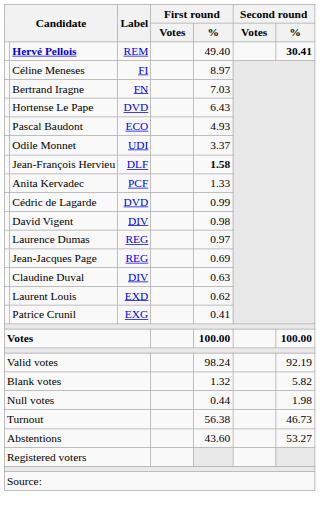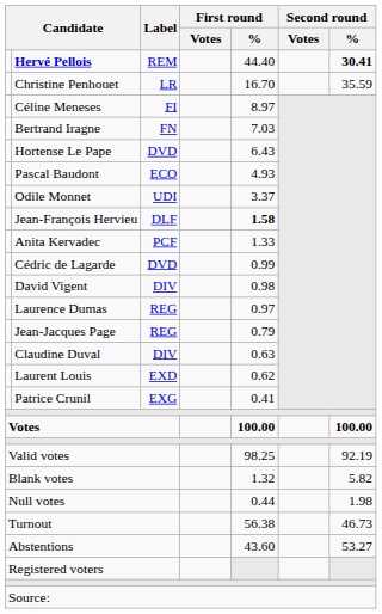 <table class="wikitable" style="text-align:right;font-size:95%;">
 <tr>
 <th rowspan="2" colspan="2">Candidate</th>
 <th rowspan="2">Label</th>
 <th colspan="2">First round</th>
 <th colspan="2">Second round</th>
 </tr>
 <tr>
 <th style="width:50px;">Votes</th>
 <th style="width:45px;">%</th>
 <th style="width:50px;">Votes</th>
 <th style="width:45px;">%</th>
 </tr>
 <tr>
 <td style="color:inherit;background:"></td>
 <td style="text-align:left;"><strong><a href='#'>Hervé Pellois</a></strong></td>
 <td><a href='#'>REM</a></td>
 <td></td>
-<td>49.40</td>
+<td>44.40</td>
 <td><strong></strong></td>
 <td><strong>30.41</strong></td>
+</tr>
+<tr>
+<td style="color:inherit;background:"></td>
+<td style="text-align:left;">Christine Penhouet</td>
+<td><a href='#'>LR</a></td>
+<td></td>
+<td>16.70</td>
+<td></td>
+<td>35.59</td>
 </tr>
 <tr>
 <td style="color:inherit;background:"></td>
 <td style="text-align:left;">Céline Meneses</td>
 <td><a href='#'>FI</a></td>
 <td></td>
 <td>8.97</td>
 <td colspan="2" rowspan="14" style="background:#E9E9E9;"></td>
 </tr>
 <tr>
 <td style="color:inherit;background:"></td>
 <td style="text-align:left;">Bertrand Iragne</td>
 <td><a href='#'>FN</a></td>
 <td></td>
 <td>7.03</td>
 </tr>
 <tr>
 <td style="color:inherit;background:"></td>
 <td style="text-align:left;">Hortense Le Pape</td>
 <td><a href='#'>DVD</a></td>
 <td></td>
 <td>6.43</td>
 </tr>
 <tr>
 <td style="color:inherit;background:"></td>
 <td style="text-align:left;">Pascal Baudont</td>
 <td><a href='#'>ECO</a></td>
 <td></td>
 <td>4.93</td>
 </tr>
 <tr>
 <td style="color:inherit;background:"></td>
 <td style="text-align:left;">Odile Monnet</td>
 <td><a href='#'>UDI</a></td>
 <td></td>
 <td>3.37</td>
 </tr>
 <tr>
 <td style="color:inherit;background:"></td>
 <td style="text-align:left;">Jean-François Hervieu</td>
 <td><a href='#'>DLF</a></td>
 <td></td>
 <td><strong>1.58</strong></td>
 </tr>
 <tr>
 <td style="color:inherit;background:"></td>
 <td style="text-align:left;">Anita Kervadec</td>
 <td><a href='#'>PCF</a></td>
 <td></td>
 <td>1.33</td>
 </tr>
 <tr>
 <td style="color:inherit;background:"></td>
 <td style="text-align:left;">Cédric de Lagarde</td>
 <td><a href='#'>DVD</a></td>
 <td></td>
 <td>0.99</td>
 </tr>
 <tr>
 <td style="color:inherit;background:"></td>
 <td style="text-align:left;">David Vigent</td>
 <td><a href='#'>DIV</a></td>
 <td></td>
 <td>0.98</td>
 </tr>
 <tr>
 <td style="color:inherit;background:"></td>
 <td style="text-align:left;">Laurence Dumas</td>
 <td><a href='#'>REG</a></td>
 <td></td>
 <td>0.97</td>
 </tr>
 <tr>
 <td style="color:inherit;background:"></td>
 <td style="text-align:left;">Jean-Jacques Page</td>
 <td><a href='#'>REG</a></td>
 <td></td>
-<td>0.69</td>
+<td>0.79</td>
 </tr>
 <tr>
 <td style="color:inherit;background:"></td>
 <td style="text-align:left;">Claudine Duval</td>
 <td><a href='#'>DIV</a></td>
 <td></td>
 <td>0.63</td>
 </tr>
 <tr>
 <td style="color:inherit;background:"></td>
 <td style="text-align:left;">Laurent Louis</td>
 <td><a href='#'>EXD</a></td>
 <td></td>
 <td>0.62</td>
 </tr>
 <tr>
 <td style="color:inherit;background:"></td>
 <td style="text-align:left;">Patrice Crunil</td>
 <td><a href='#'>EXG</a></td>
 <td></td>
 <td>0.41</td>
 </tr>
 <tr>
 <td colspan="7" style="background:#E9E9E9;"></td>
 </tr>
 <tr style="font-weight:bold;">
 <td colspan="3" style="text-align:left;">Votes</td>
 <td></td>
 <td>100.00</td>
 <td></td>
 <td>100.00</td>
 </tr>
 <tr>
 <td colspan="7" style="background:#E9E9E9;"></td>
 </tr>
 <tr>
 <td colspan="3" style="text-align:left;">Valid votes</td>
 <td></td>
-<td>98.24</td>
+<td>98.25</td>
 <td></td>
 <td>92.19</td>
 </tr>
 <tr>
 <td colspan="3" style="text-align:left;">Blank votes</td>
 <td></td>
 <td>1.32</td>
 <td></td>
 <td>5.82</td>
 </tr>
 <tr>
 <td colspan="3" style="text-align:left;">Null votes</td>
 <td></td>
 <td>0.44</td>
 <td></td>
 <td>1.98</td>
 </tr>
 <tr>
 <td colspan="3" style="text-align:left;">Turnout</td>
 <td></td>
 <td>56.38</td>
 <td></td>
 <td>46.73</td>
 </tr>
 <tr>
 <td colspan="3" style="text-align:left;">Abstentions</td>
 <td></td>
 <td>43.60</td>
 <td></td>
 <td>53.27</td>
 </tr>
 <tr>
 <td colspan="3" style="text-align:left;">Registered voters</td>
 <td></td>
 <td style="background:#E9E9E9;"></td>
 <td></td>
 <td style="background:#E9E9E9;"></td>
 </tr>
 <tr>
 <td colspan="7" style="background:#E9E9E9;"></td>
 </tr>
 <tr>
 <td colspan="7" style="text-align:left;">Source: </td>
 </tr>
 </table>
